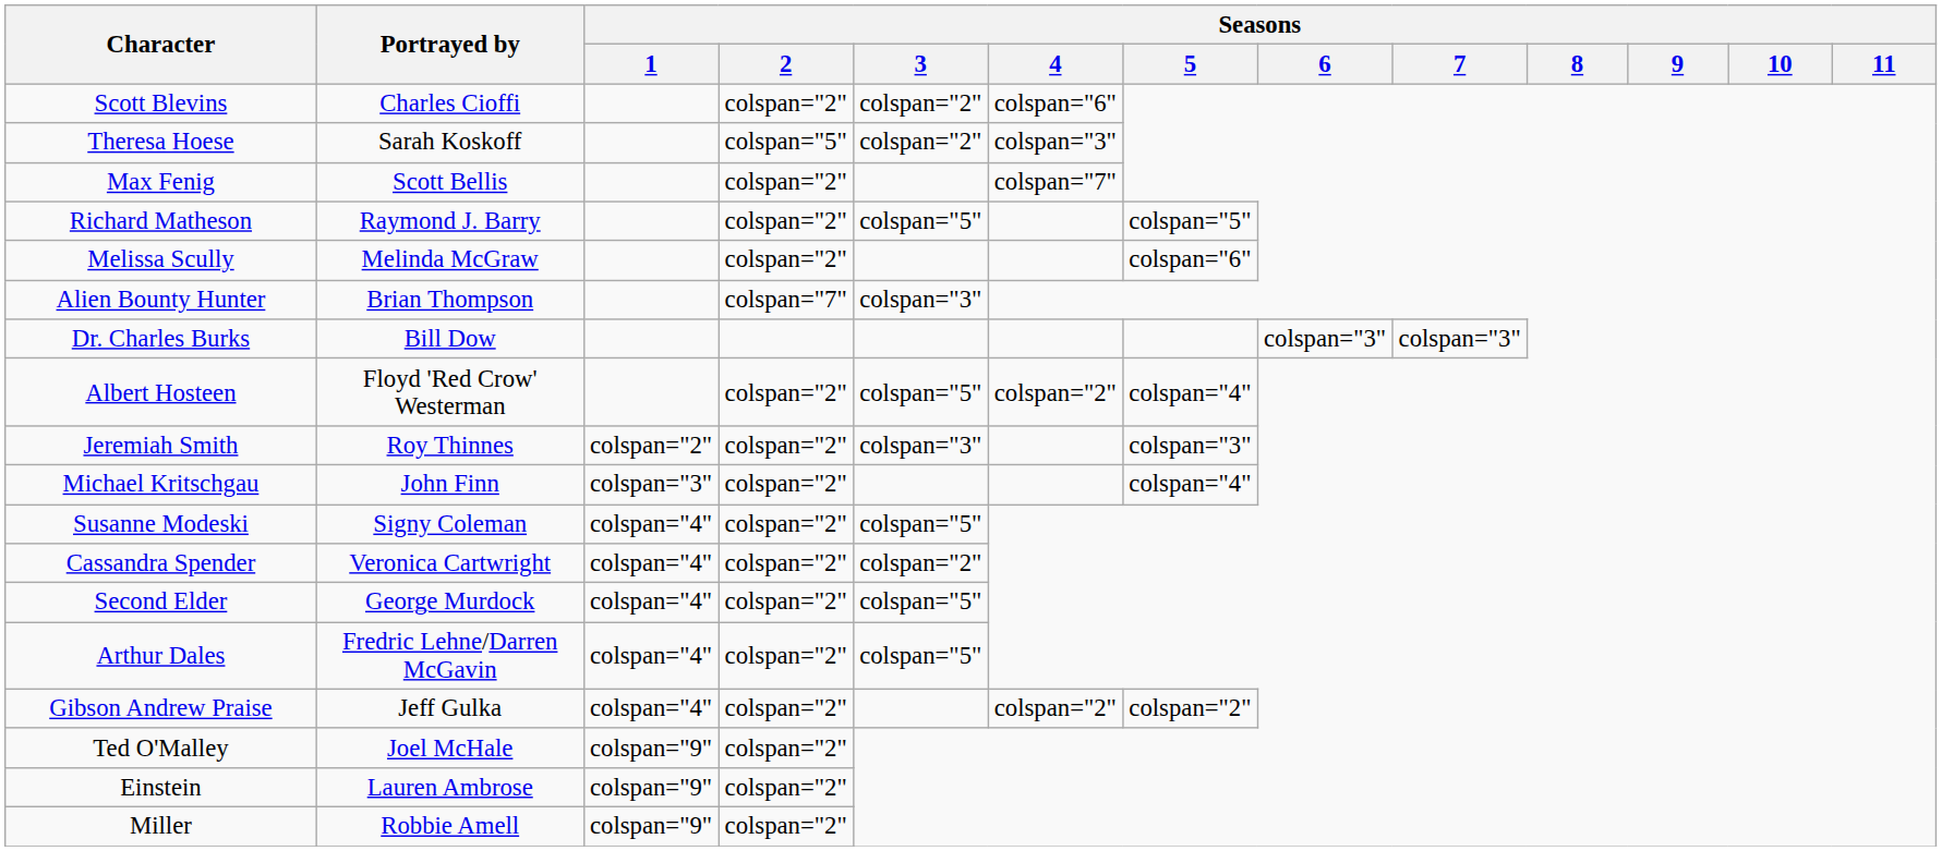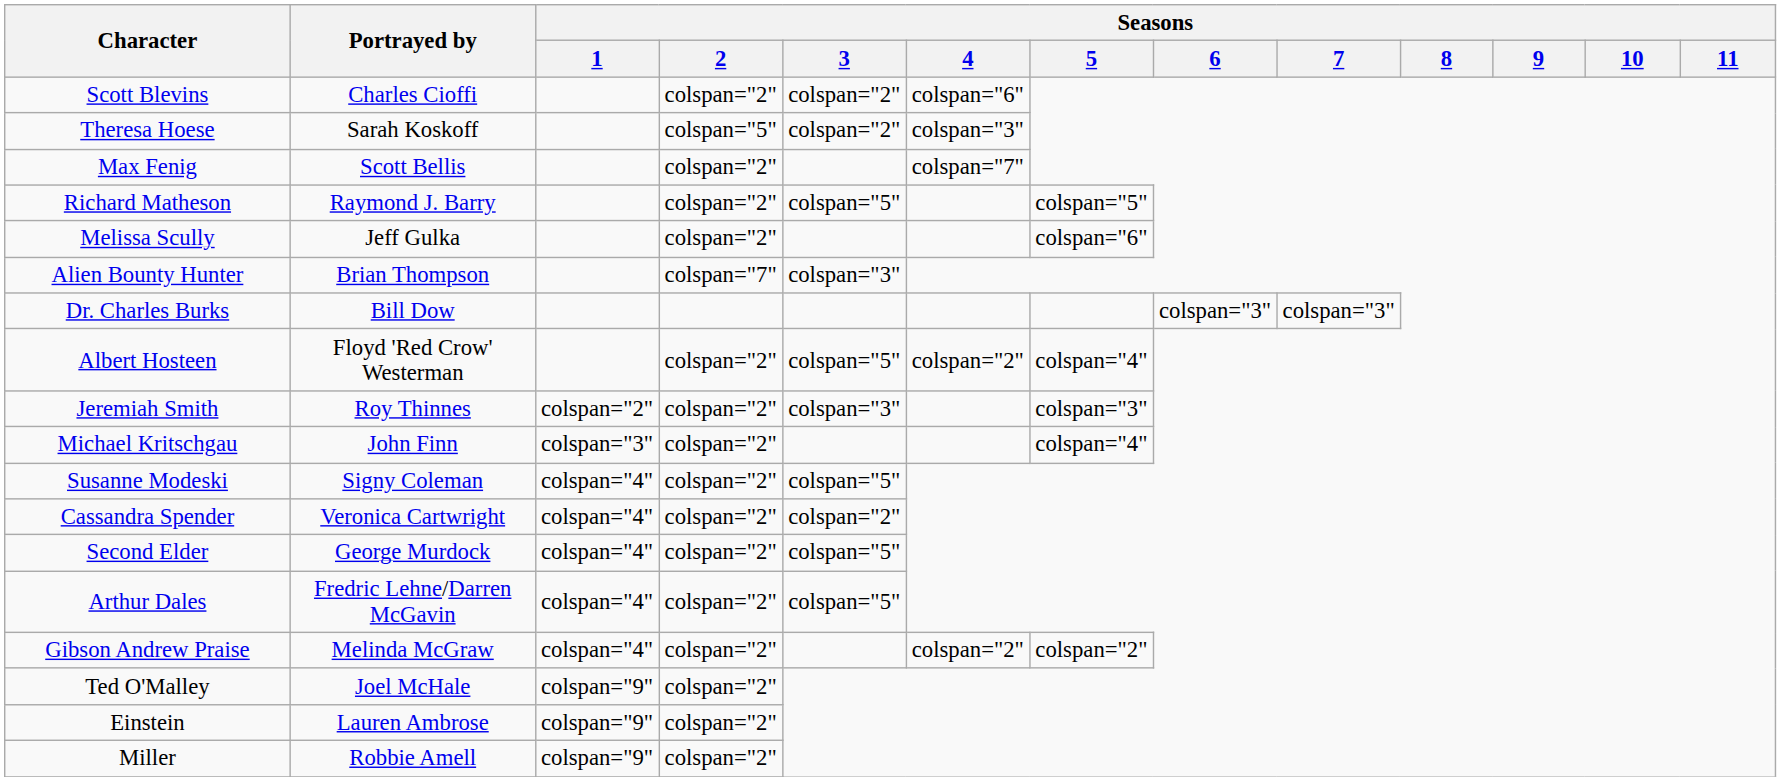 <table class="wikitable" style="text-align:center;">
 <tr>
 <th rowspan="2" style="width:250px;">Character</th>
 <th rowspan="2" style="width:200px;">Portrayed by</th>
 <th colspan="11">Seasons</th>
 </tr>
 <tr>
 <th style="width:80px;"><a href='#'>1</a></th>
 <th style="width:80px;"><a href='#'>2</a></th>
 <th style="width:80px;"><a href='#'>3</a></th>
 <th style="width:80px;"><a href='#'>4</a></th>
 <th style="width:80px;"><a href='#'>5</a></th>
 <th style="width:80px;"><a href='#'>6</a></th>
 <th style="width:80px;"><a href='#'>7</a></th>
 <th style="width:80px;"><a href='#'>8</a></th>
 <th style="width:80px;"><a href='#'>9</a></th>
 <th style="width:80px;"><a href='#'>10</a></th>
 <th style="width:80px;"><a href='#'>11</a></th>
 </tr>
 <tr>
 <td><a href='#'>Scott Blevins</a></td>
 <td><a href='#'>Charles Cioffi</a></td>
 <td></td>
 <td>colspan="2" </td>
 <td>colspan="2" </td>
 <td>colspan="6" </td>
 </tr>
 <tr>
 <td><a href='#'>Theresa Hoese</a></td>
 <td>Sarah Koskoff</td>
 <td></td>
 <td>colspan="5" </td>
 <td>colspan="2" </td>
 <td>colspan="3" </td>
 </tr>
 <tr>
 <td><a href='#'>Max Fenig</a></td>
 <td><a href='#'>Scott Bellis</a></td>
 <td></td>
 <td>colspan="2" </td>
 <td></td>
 <td>colspan="7" </td>
 </tr>
 <tr>
 <td><a href='#'>Richard Matheson</a></td>
 <td><a href='#'>Raymond J. Barry</a></td>
 <td></td>
 <td>colspan="2" </td>
 <td>colspan="5" </td>
 <td></td>
 <td>colspan="5" </td>
 </tr>
 <tr>
 <td><a href='#'>Melissa Scully</a></td>
-<td><a href='#'>Melinda McGraw</a></td>
+<td>Jeff Gulka</td>
 <td></td>
 <td>colspan="2" </td>
 <td></td>
 <td></td>
 <td>colspan="6" </td>
 </tr>
 <tr>
 <td><a href='#'>Alien Bounty Hunter</a></td>
 <td><a href='#'>Brian Thompson</a></td>
 <td></td>
 <td>colspan="7" </td>
 <td>colspan="3" </td>
 </tr>
 <tr>
 <td><a href='#'>Dr. Charles Burks</a></td>
 <td><a href='#'>Bill Dow</a></td>
 <td></td>
 <td></td>
 <td></td>
 <td></td>
 <td></td>
 <td>colspan="3" </td>
 <td>colspan="3" </td>
 </tr>
 <tr>
 <td><a href='#'>Albert Hosteen</a></td>
 <td>Floyd 'Red Crow' Westerman</td>
 <td></td>
 <td>colspan="2" </td>
 <td>colspan="5" </td>
 <td>colspan="2" </td>
 <td>colspan="4" </td>
 </tr>
 <tr>
 <td><a href='#'>Jeremiah Smith</a></td>
 <td><a href='#'>Roy Thinnes</a></td>
 <td>colspan="2" </td>
 <td>colspan="2" </td>
 <td>colspan="3" </td>
 <td></td>
 <td>colspan="3" </td>
 </tr>
 <tr>
 <td><a href='#'>Michael Kritschgau</a></td>
 <td><a href='#'>John Finn</a></td>
 <td>colspan="3" </td>
 <td>colspan="2" </td>
 <td></td>
 <td></td>
 <td>colspan="4" </td>
 </tr>
 <tr>
 <td><a href='#'>Susanne Modeski</a></td>
 <td><a href='#'>Signy Coleman</a></td>
 <td>colspan="4" </td>
 <td>colspan="2" </td>
 <td>colspan="5" </td>
 </tr>
 <tr>
 <td><a href='#'>Cassandra Spender</a></td>
 <td><a href='#'>Veronica Cartwright</a></td>
 <td>colspan="4" </td>
 <td>colspan="2" </td>
 <td>colspan="2" </td>
 </tr>
 <tr>
 <td><a href='#'>Second Elder</a></td>
 <td><a href='#'>George Murdock</a></td>
 <td>colspan="4" </td>
 <td>colspan="2" </td>
 <td>colspan="5" </td>
 </tr>
 <tr>
 <td><a href='#'>Arthur Dales</a></td>
 <td><a href='#'>Fredric Lehne</a>/<a href='#'>Darren McGavin</a></td>
 <td>colspan="4" </td>
 <td>colspan="2" </td>
 <td>colspan="5" </td>
 </tr>
 <tr>
 <td><a href='#'>Gibson Andrew Praise</a></td>
-<td>Jeff Gulka</td>
+<td><a href='#'>Melinda McGraw</a></td>
 <td>colspan="4" </td>
 <td>colspan="2" </td>
 <td></td>
 <td>colspan="2" </td>
 <td>colspan="2" </td>
 </tr>
 <tr>
 <td>Ted O'Malley</td>
 <td><a href='#'>Joel McHale</a></td>
 <td>colspan="9" </td>
 <td>colspan="2" </td>
 </tr>
 <tr>
 <td>Einstein</td>
 <td><a href='#'>Lauren Ambrose</a></td>
 <td>colspan="9" </td>
 <td>colspan="2" </td>
 </tr>
 <tr>
 <td>Miller</td>
 <td><a href='#'>Robbie Amell</a></td>
 <td>colspan="9" </td>
 <td>colspan="2" </td>
 </tr>
 <tr>
 </tr>
 </table>
